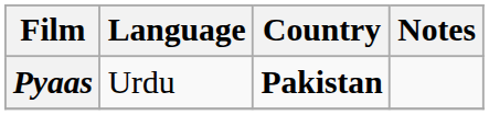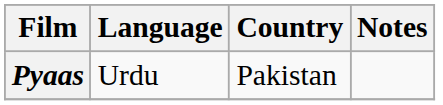 <table class="wikitable sortable">
 <tr>
 <th>Film</th>
 <th>Language</th>
 <th>Country</th>
 <th>Notes</th>
 </tr>
 <tr>
 <th><em>Pyaas</em></th>
 <td rowspan=1>Urdu</td>
-<td rowspan=1><strong>Pakistan</strong></td>
+<td rowspan=1>Pakistan</td>
 <td></td>
 </tr>
 <tr>
 </tr>
 </table>
